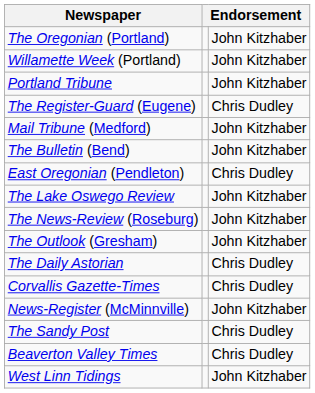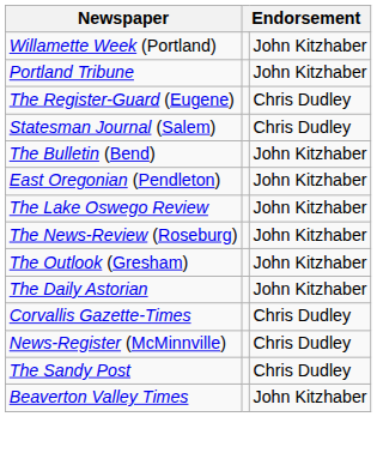 <table class="wikitable">
 <tr>
 <th>Newspaper</th>
 <th colspan="2">Endorsement</th>
-</tr>
-<tr>
-<td><em><a href='#'>The Oregonian</a></em> (<a href='#'>Portland</a>)</td>
-<td style="background-color: "></td>
-<td>John Kitzhaber</td>
 </tr>
 <tr>
 <td><em><a href='#'>Willamette Week</a></em> (Portland)</td>
 <td style="background-color: "></td>
 <td>John Kitzhaber</td>
 </tr>
 <tr>
 <td><em><a href='#'>Portland Tribune</a></em></td>
 <td style="background-color: "></td>
 <td>John Kitzhaber</td>
 </tr>
 <tr>
 <td><em><a href='#'>The Register-Guard</a></em> (<a href='#'>Eugene</a>)</td>
 <td style="background-color: "></td>
 <td>Chris Dudley</td>
 </tr>
 <tr>
-<td><em><a href='#'>Mail Tribune</a></em> (<a href='#'>Medford</a>)</td>
+<td><em><a href='#'>Statesman Journal</a></em> (<a href='#'>Salem</a>)</td>
 <td style="background-color: "></td>
-<td>John Kitzhaber</td>
+<td>Chris Dudley</td>
 </tr>
 <tr>
 <td><em><a href='#'>The Bulletin</a></em> (<a href='#'>Bend</a>)</td>
 <td style="background-color: "></td>
 <td>John Kitzhaber</td>
 </tr>
 <tr>
 <td><em><a href='#'>East Oregonian</a></em> (<a href='#'>Pendleton</a>)</td>
 <td style="background-color: "></td>
-<td>Chris Dudley</td>
+<td>John Kitzhaber</td>
 </tr>
 <tr>
 <td><em><a href='#'>The Lake Oswego Review</a></em></td>
 <td style="background-color: "></td>
 <td>John Kitzhaber</td>
 </tr>
 <tr>
 <td><em><a href='#'>The News-Review</a></em> (<a href='#'>Roseburg</a>)</td>
 <td style="background-color: "></td>
 <td>John Kitzhaber</td>
 </tr>
 <tr>
 <td><em><a href='#'>The Outlook</a></em> (<a href='#'>Gresham</a>)</td>
 <td style="background-color: "></td>
 <td>John Kitzhaber</td>
 </tr>
 <tr>
 <td><em><a href='#'>The Daily Astorian</a></em></td>
 <td style="background-color: "></td>
-<td>Chris Dudley</td>
+<td>John Kitzhaber</td>
 </tr>
 <tr>
 <td><em><a href='#'>Corvallis Gazette-Times</a></em></td>
 <td style="background-color: "></td>
 <td>Chris Dudley</td>
 </tr>
 <tr>
 <td><em><a href='#'>News-Register</a></em> (<a href='#'>McMinnville</a>)</td>
 <td style="background-color: "></td>
-<td>John Kitzhaber</td>
+<td>Chris Dudley</td>
 </tr>
 <tr>
 <td><em><a href='#'>The Sandy Post</a></em></td>
 <td style="background-color: "></td>
 <td>Chris Dudley</td>
 </tr>
 <tr>
 <td><em><a href='#'>Beaverton Valley Times</a></em></td>
 <td style="background-color: "></td>
-<td>Chris Dudley</td>
-</tr>
-<tr>
-<td><em><a href='#'>West Linn Tidings</a></em></td>
-<td style="background-color: "></td>
 <td>John Kitzhaber</td>
 </tr>
 </table>
